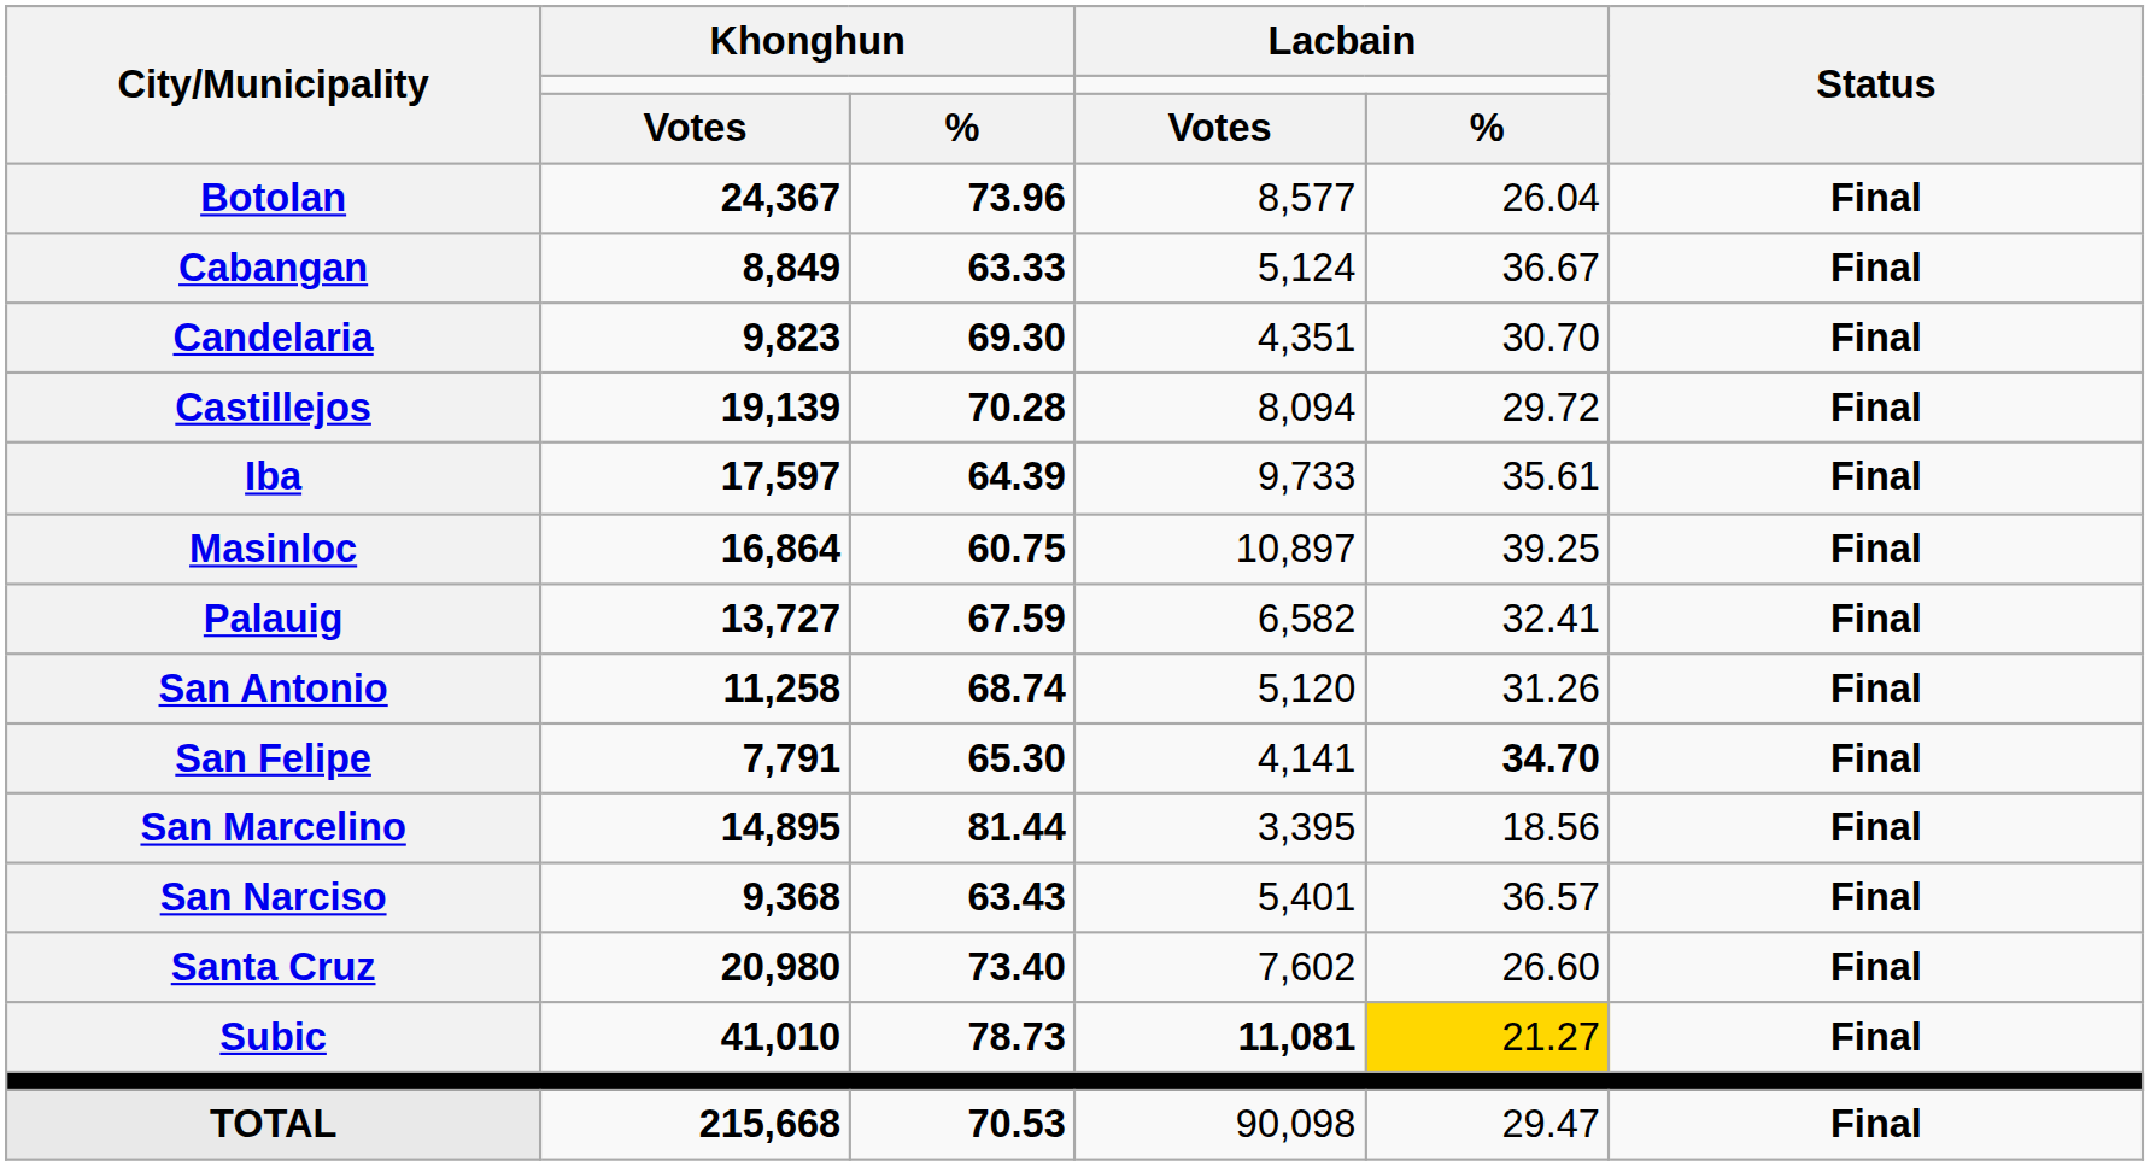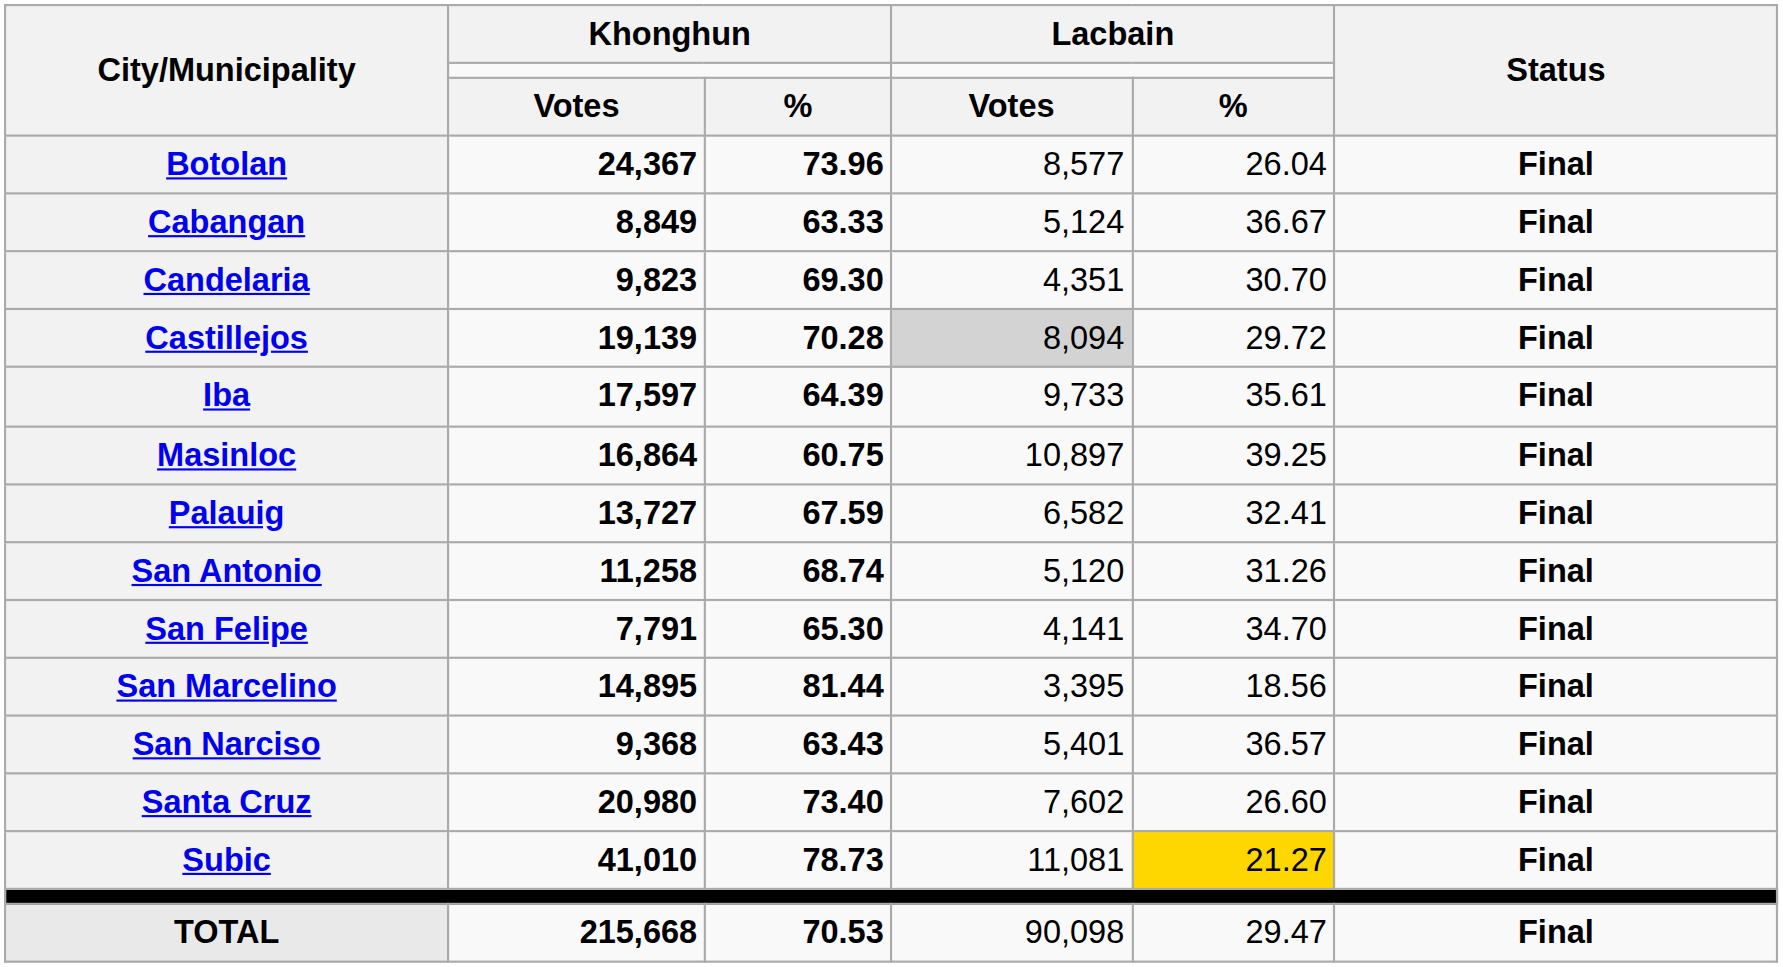 <table class="wikitable collapsible collapsed" style="text-align:right; font-size:95%; line-height:20px;">
 <tr>
 <th rowspan="3" width="200">City/Municipality</th>
 <th colspan="2" width="200">Khonghun</th>
 <th colspan="2" width="200">Lacbain</th>
 <th rowspan="3" width="200">Status</th>
 </tr>
 <tr>
 <td colspan="2" style="background:"></td>
 <td colspan="2" style="background:"></td>
 </tr>
 <tr>
 <th>Votes</th>
 <th>%</th>
 <th>Votes</th>
 <th>%</th>
 </tr>
 <tr>
 <th><a href='#'>Botolan</a></th>
 <td style="background:"><strong>24,367</strong></td>
 <td style="background:"><strong>73.96</strong></td>
 <td>8,577</td>
 <td>26.04</td>
 <td align="center" style="background:"><strong>Final</strong></td>
 </tr>
 <tr>
 <th><a href='#'>Cabangan</a></th>
 <td style="background:"><strong>8,849</strong></td>
 <td style="background:"><strong>63.33</strong></td>
 <td>5,124</td>
 <td>36.67</td>
 <td align="center" style="background:"><strong>Final</strong></td>
 </tr>
 <tr>
 <th><a href='#'>Candelaria</a></th>
 <td style="background:"><strong>9,823</strong></td>
 <td style="background:"><strong>69.30</strong></td>
 <td>4,351</td>
 <td>30.70</td>
 <td align="center" style="background:"><strong>Final</strong></td>
 </tr>
 <tr>
 <th><a href='#'>Castillejos</a></th>
 <td style="background:"><strong>19,139</strong></td>
 <td style="background:"><strong>70.28</strong></td>
-<td>8,094</td>
+<td style="background: lightgrey;">8,094</td>
 <td>29.72</td>
 <td align="center" style="background:"><strong>Final</strong></td>
 </tr>
 <tr>
 <th><a href='#'>Iba</a></th>
 <td style="background:"><strong>17,597</strong></td>
 <td style="background:"><strong>64.39</strong></td>
 <td>9,733</td>
 <td>35.61</td>
 <td align="center" style="background:"><strong>Final</strong></td>
 </tr>
 <tr>
 <th><a href='#'>Masinloc</a></th>
 <td style="background:"><strong>16,864</strong></td>
 <td style="background:"><strong>60.75</strong></td>
 <td>10,897</td>
 <td>39.25</td>
 <td align="center" style="background:"><strong>Final</strong></td>
 </tr>
 <tr>
 <th><a href='#'>Palauig</a></th>
 <td style="background:"><strong>13,727</strong></td>
 <td style="background:"><strong>67.59</strong></td>
 <td>6,582</td>
 <td>32.41</td>
 <td align="center" style="background:"><strong>Final</strong></td>
 </tr>
 <tr>
 <th><a href='#'>San Antonio</a></th>
 <td style="background:"><strong>11,258</strong></td>
 <td style="background:"><strong>68.74</strong></td>
 <td>5,120</td>
 <td>31.26</td>
 <td align="center" style="background:"><strong>Final</strong></td>
 </tr>
 <tr>
 <th><a href='#'>San Felipe</a></th>
 <td style="background:"><strong>7,791</strong></td>
 <td style="background:"><strong>65.30</strong></td>
 <td>4,141</td>
-<td><strong>34.70</strong></td>
+<td>34.70</td>
 <td align="center" style="background:"><strong>Final</strong></td>
 </tr>
 <tr>
 <th><a href='#'>San Marcelino</a></th>
 <td style="background:"><strong>14,895</strong></td>
 <td style="background:"><strong>81.44</strong></td>
 <td>3,395</td>
 <td>18.56</td>
 <td align="center" style="background:"><strong>Final</strong></td>
 </tr>
 <tr>
 <th><a href='#'>San Narciso</a></th>
 <td style="background:"><strong>9,368</strong></td>
 <td style="background:"><strong>63.43</strong></td>
 <td>5,401</td>
 <td>36.57</td>
 <td align="center" style="background:"><strong>Final</strong></td>
 </tr>
 <tr>
 <th><a href='#'>Santa Cruz</a></th>
 <td style="background:"><strong>20,980</strong></td>
 <td style="background:"><strong>73.40</strong></td>
 <td>7,602</td>
 <td>26.60</td>
 <td align="center" style="background:"><strong>Final</strong></td>
 </tr>
 <tr>
 <th><a href='#'>Subic</a></th>
 <td style="background:"><strong>41,010</strong></td>
 <td style="background:"><strong>78.73</strong></td>
-<td><strong>11,081</strong></td>
+<td>11,081</td>
 <td style="background: gold;">21.27</td>
 <td align="center" style="background:"><strong>Final</strong></td>
 </tr>
 <tr>
 <td colspan="8" style="background-color:#000000;"></td>
 </tr>
 <tr>
 <td style="background:#E9E9E9;" align="center"><strong>TOTAL</strong></td>
 <td style="background:"><strong>215,668</strong></td>
 <td style="background:"><strong>70.53</strong></td>
 <td>90,098</td>
 <td>29.47</td>
 <td align="center" style="background:"><strong>Final</strong></td>
 </tr>
 </table>
